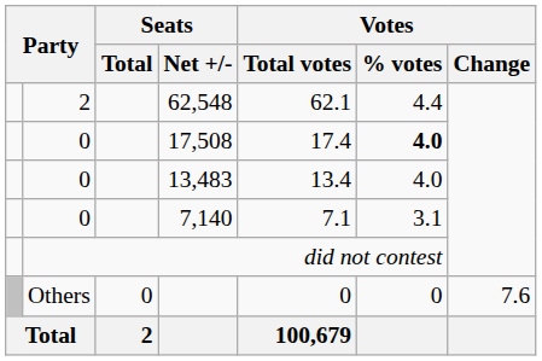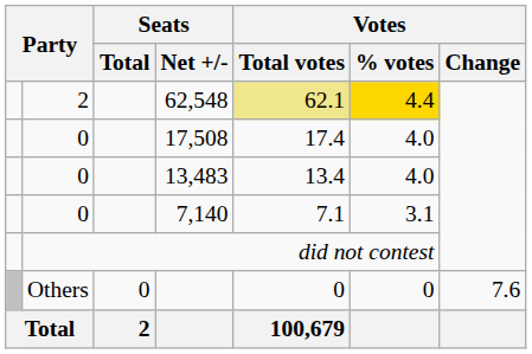 <table class="wikitable" style="text-align:right; font-size:95%;">
 <tr>
 <th colspan="2" rowspan="2">Party</th>
 <th colspan="2">Seats</th>
 <th colspan="3">Votes</th>
 </tr>
 <tr>
 <th>Total</th>
 <th>Net +/-</th>
 <th>Total votes</th>
 <th>% votes</th>
 <th>Change</th>
 </tr>
 <tr>
 <td></td>
 <td>2</td>
 <td></td>
 <td>62,548</td>
-<td>62.1</td>
-<td>4.4</td>
+<td style="background: khaki;">62.1</td>
+<td style="background: gold;">4.4</td>
 </tr>
 <tr>
 <td></td>
 <td>0</td>
 <td></td>
 <td>17,508</td>
 <td>17.4</td>
-<td><strong>4.0</strong></td>
+<td>4.0</td>
 </tr>
 <tr>
 <td></td>
 <td>0</td>
 <td></td>
 <td>13,483</td>
 <td>13.4</td>
 <td>4.0</td>
 </tr>
 <tr>
 <td></td>
 <td>0</td>
 <td></td>
 <td>7,140</td>
 <td>7.1</td>
 <td>3.1</td>
 </tr>
 <tr>
 <td></td>
 <td colspan="5"><em>did not contest</em></td>
 </tr>
 <tr>
 <td style="background:silver;"> </td>
 <td align=left>Others</td>
 <td>0</td>
 <td></td>
 <td>0</td>
 <td>0</td>
 <td>7.6</td>
 </tr>
 <tr>
 <th colspan="2" style="background:#f2f2f2">Total</th>
 <td style="background:#f2f2f2;"><strong>2</strong></td>
 <td style="background:#f2f2f2;"></td>
 <td style="background:#f2f2f2;"><strong>100,679</strong></td>
 <td style="background:#f2f2f2;"></td>
 <td style="background:#f2f2f2;"></td>
 </tr>
 </table>
